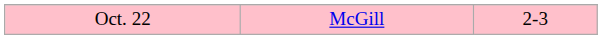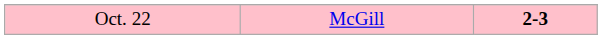 <table class="wikitable" style="width:80%;">
 <tr>
 </tr>
 <tr style="text-align:center; background:pink;">
 <td>Oct. 22</td>
 <td><a href='#'>McGill</a></td>
-<td>2-3</td>
+<td><strong>2-3</strong></td>
 </tr>
 </table>
